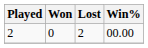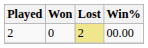 <table class="wikitable">
 <tr>
 <th>Played</th>
 <th>Won</th>
 <th>Lost</th>
 <th>Win%</th>
 </tr>
 <tr>
 <td>2</td>
 <td>0</td>
-<td>2</td>
+<td style="background: khaki;">2</td>
 <td>00.00</td>
 </tr>
 <tr>
 </tr>
 </table>
